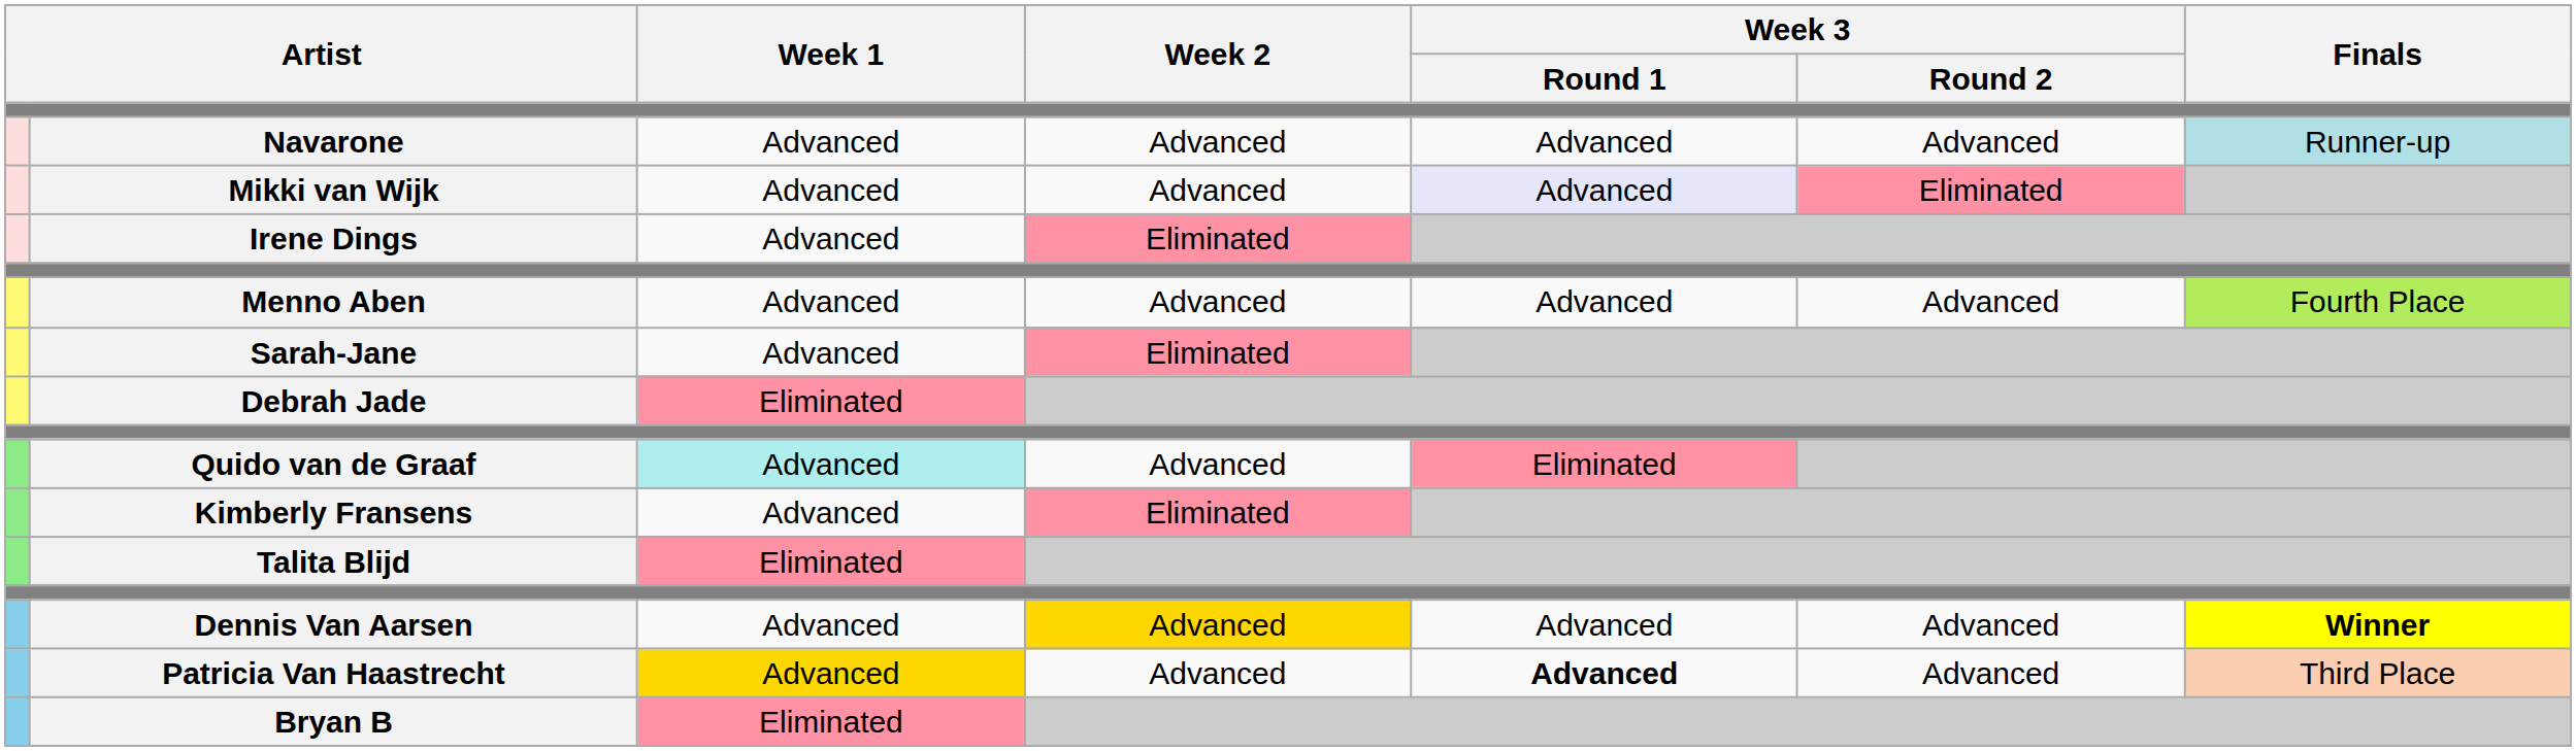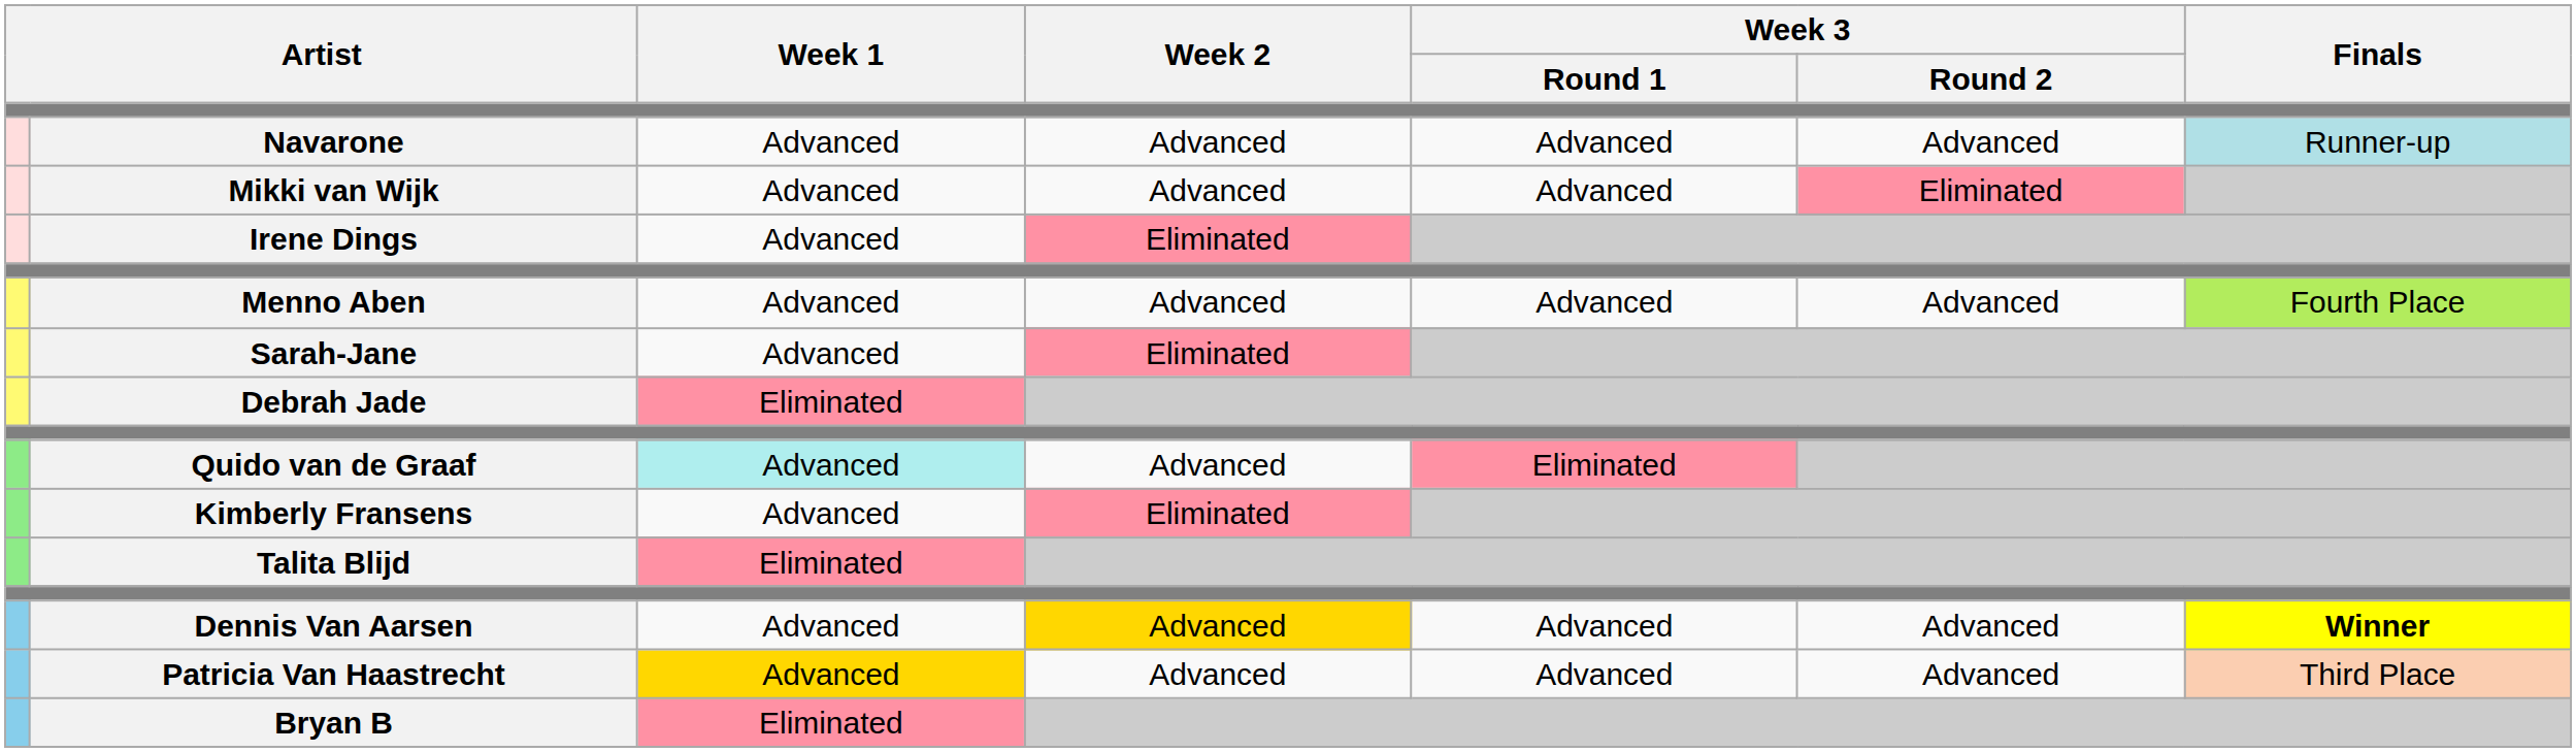 <table class="wikitable"  style="text-align:center; font-size:95%; width:100%;">
 <tr>
 </tr>
 <tr>
 <th style="width:18%"  rowspan="2" colspan="2" scope="col">Artist</th>
 <th style="width:11%"  rowspan="2" colspan="1" scope="col">Week 1</th>
 <th style="width:11%"  rowspan="2" colspan="1" scope="col">Week 2</th>
 <th style="width:22%"  colspan="2" scope="col">Week 3</th>
 <th style="width:11%"  rowspan="2" colspan="1" scope="col">Finals</th>
 </tr>
 <tr>
 <th style="width:11%">Round 1</th>
 <th style="width:11%">Round 2</th>
 </tr>
 <tr>
 <th colspan="7" style="background:grey;"></th>
 </tr>
 <tr>
 <th style="background:#ffdddd;"></th>
 <th>Navarone</th>
 <td>Advanced</td>
 <td>Advanced</td>
 <td>Advanced</td>
 <td>Advanced</td>
 <td style="background:#B0E0E6;">Runner-up</td>
 </tr>
 <tr>
 <th style="background:#ffdddd;"></th>
 <th>Mikki van Wijk</th>
 <td>Advanced</td>
 <td>Advanced</td>
-<td style="background: lavender;">Advanced</td>
+<td>Advanced</td>
 <td style="background:#FF91A4;">Eliminated</td>
 <td colspan="5" style="background:#ccc;"></td>
 </tr>
 <tr>
 <th style="background:#ffdddd;"></th>
 <th>Irene Dings</th>
 <td>Advanced</td>
 <td style="background:#FF91A4;">Eliminated</td>
 <td colspan="3" style="background:#ccc;"></td>
 </tr>
 <tr>
 <th colspan="7" style="background:grey;"></th>
 </tr>
 <tr>
 <th style="background:#fffa73;"></th>
 <th>Menno Aben</th>
 <td>Advanced</td>
 <td>Advanced</td>
 <td>Advanced</td>
 <td>Advanced</td>
 <td style="background:#B2EC5D">Fourth Place</td>
 </tr>
 <tr>
 <th style="background:#fffa73;"></th>
 <th>Sarah-Jane</th>
 <td>Advanced</td>
 <td style="background:#FF91A4;">Eliminated</td>
 <td colspan="3" style="background:#ccc;"></td>
 </tr>
 <tr>
 <th style="background:#fffa73;"></th>
 <th>Debrah Jade</th>
 <td style="background:#FF91A4;">Eliminated</td>
 <td colspan="4" style="background:#ccc;"></td>
 </tr>
 <tr>
 <th colspan="7" style="background:grey;"></th>
 </tr>
 <tr>
 <th style="background:#8deb87;"></th>
 <th>Quido van de Graaf</th>
 <td style="background: paleturquoise;">Advanced</td>
 <td>Advanced</td>
 <td style="background:#FF91A4;">Eliminated</td>
 <td colspan="2" style="background:#ccc;"></td>
 </tr>
 <tr>
 <th style="background:#8deb87;"></th>
 <th>Kimberly Fransens</th>
 <td>Advanced</td>
 <td style="background:#FF91A4;">Eliminated</td>
 <td colspan="3" style="background:#ccc;"></td>
 </tr>
 <tr>
 <th style="background:#8deb87;"></th>
 <th>Talita Blijd</th>
 <td style="background:#FF91A4;">Eliminated</td>
 <td colspan="4" style="background:#ccc;"></td>
 </tr>
 <tr>
 <th colspan="7" style="background:grey;"></th>
 </tr>
 <tr>
 <th style="background:#87ceeb;"></th>
 <th>Dennis Van Aarsen</th>
 <td>Advanced</td>
 <td style="background:gold">Advanced</td>
 <td>Advanced</td>
 <td>Advanced</td>
 <td style="background:yellow;"><strong>Winner</strong></td>
 </tr>
 <tr>
 <th style="background:#87ceeb;"></th>
 <th>Patricia Van Haastrecht</th>
 <td style="background:gold">Advanced</td>
 <td>Advanced</td>
-<td><strong>Advanced</strong></td>
+<td>Advanced</td>
 <td>Advanced</td>
 <td style="background:#FBCEB1;">Third Place</td>
 </tr>
 <tr>
 <th style="background:#87ceeb;"></th>
 <th>Bryan B</th>
 <td style="background:#FF91A4;">Eliminated</td>
 <td colspan="4" style="background:#ccc;"></td>
 </tr>
 <tr>
 </tr>
 </table>
